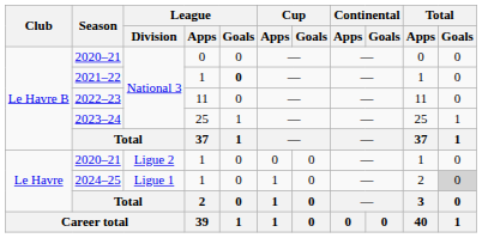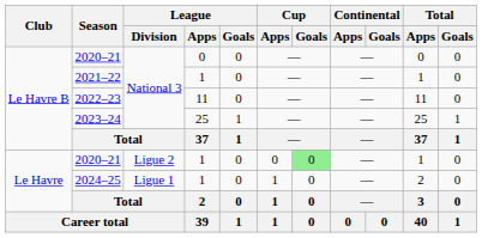 <table class="wikitable" Style="text-align: center">
 <tr>
 <th rowspan="2">Club</th>
 <th rowspan="2">Season</th>
 <th colspan="3">League</th>
 <th colspan="2">Cup</th>
 <th colspan="2">Continental</th>
 <th colspan="2">Total</th>
 </tr>
 <tr>
 <th>Division</th>
 <th>Apps</th>
 <th>Goals</th>
 <th>Apps</th>
 <th>Goals</th>
 <th>Apps</th>
 <th>Goals</th>
 <th>Apps</th>
 <th>Goals</th>
 </tr>
 <tr>
 <td rowspan="5"><a href='#'>Le Havre B</a></td>
 <td><a href='#'>2020–21</a></td>
 <td rowspan="4"><a href='#'>National 3</a></td>
 <td>0</td>
 <td>0</td>
 <td colspan="2">—</td>
 <td colspan="2">—</td>
 <td>0</td>
 <td>0</td>
 </tr>
 <tr>
 <td><a href='#'>2021–22</a></td>
 <td>1</td>
-<td><strong>0</strong></td>
+<td>0</td>
 <td colspan="2">—</td>
 <td colspan="2">—</td>
 <td>1</td>
 <td>0</td>
 </tr>
 <tr>
 <td><a href='#'>2022–23</a></td>
 <td>11</td>
 <td>0</td>
 <td colspan="2">—</td>
 <td colspan="2">—</td>
 <td>11</td>
 <td>0</td>
 </tr>
 <tr>
 <td><a href='#'>2023–24</a></td>
 <td>25</td>
 <td>1</td>
 <td colspan="2">—</td>
 <td colspan="2">—</td>
 <td>25</td>
 <td>1</td>
 </tr>
 <tr>
 <th colspan="2">Total</th>
 <th>37</th>
 <th>1</th>
 <th colspan="2">—</th>
 <th colspan="2">—</th>
 <th>37</th>
 <th>1</th>
 </tr>
 <tr>
 <td rowspan="3"><a href='#'>Le Havre</a></td>
 <td><a href='#'>2020–21</a></td>
 <td><a href='#'>Ligue 2</a></td>
 <td>1</td>
 <td>0</td>
 <td>0</td>
-<td>0</td>
+<td style="background: lightgreen;">0</td>
 <td colspan="2">—</td>
 <td>1</td>
 <td>0</td>
 </tr>
 <tr>
 <td><a href='#'>2024–25</a></td>
 <td><a href='#'>Ligue 1</a></td>
 <td>1</td>
 <td>0</td>
 <td>1</td>
 <td>0</td>
 <td colspan="2">—</td>
 <td>2</td>
-<td style="background: lightgrey;">0</td>
+<td>0</td>
 </tr>
 <tr>
 <th colspan="2">Total</th>
 <th>2</th>
 <th>0</th>
 <th>1</th>
 <th>0</th>
 <th colspan="2">—</th>
 <th>3</th>
 <th>0</th>
 </tr>
 <tr>
 <th colspan="3">Career total</th>
 <th>39</th>
 <th>1</th>
 <th>1</th>
 <th>0</th>
 <th>0</th>
 <th>0</th>
 <th>40</th>
 <th>1</th>
 </tr>
 </table>
